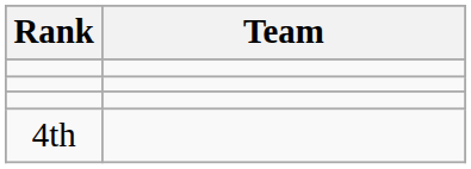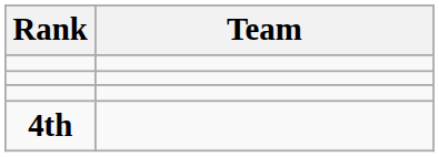 <table class=wikitable style="text-align:center;">
 <tr>
 <th>Rank</th>
 <th width=162>Team</th>
 </tr>
 <tr>
 <td></td>
 <td align=left></td>
 </tr>
 <tr>
 <td></td>
 <td align=left></td>
 </tr>
 <tr>
 <td></td>
 <td align=left></td>
 </tr>
 <tr>
-<td>4th</td>
+<td><strong>4th</strong></td>
 <td align=left></td>
 </tr>
 </table>
